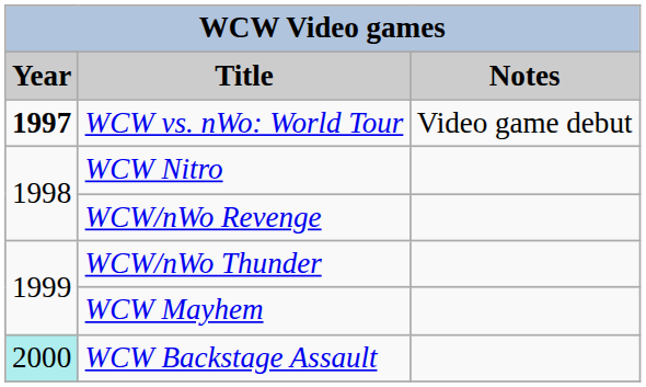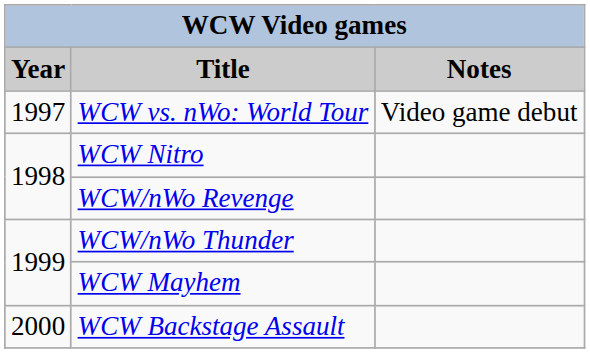 <table class="wikitable sortable">
 <tr style="text-align:center;">
 <th colspan=4 style="background:#B0C4DE;">WCW Video games</th>
 </tr>
 <tr style="text-align:center;">
 <th style="background:#ccc;">Year</th>
 <th style="background:#ccc;">Title</th>
 <th style="background:#ccc;">Notes</th>
 </tr>
 <tr>
-<td><strong>1997</strong></td>
+<td>1997</td>
 <td><em><a href='#'>WCW vs. nWo: World Tour</a></em></td>
 <td>Video game debut</td>
 </tr>
 <tr>
 <td rowspan="2">1998</td>
 <td><em><a href='#'>WCW Nitro</a></em></td>
 <td></td>
 </tr>
 <tr>
 <td><em><a href='#'>WCW/nWo Revenge</a></em></td>
 <td></td>
 </tr>
 <tr>
 <td rowspan="2">1999</td>
 <td><em><a href='#'>WCW/nWo Thunder</a></em></td>
 <td></td>
 </tr>
 <tr>
 <td><em><a href='#'>WCW Mayhem</a></em></td>
 <td></td>
 </tr>
 <tr>
-<td style="background: paleturquoise;">2000</td>
+<td>2000</td>
 <td><em><a href='#'>WCW Backstage Assault</a></em></td>
 <td></td>
 </tr>
 </table>
